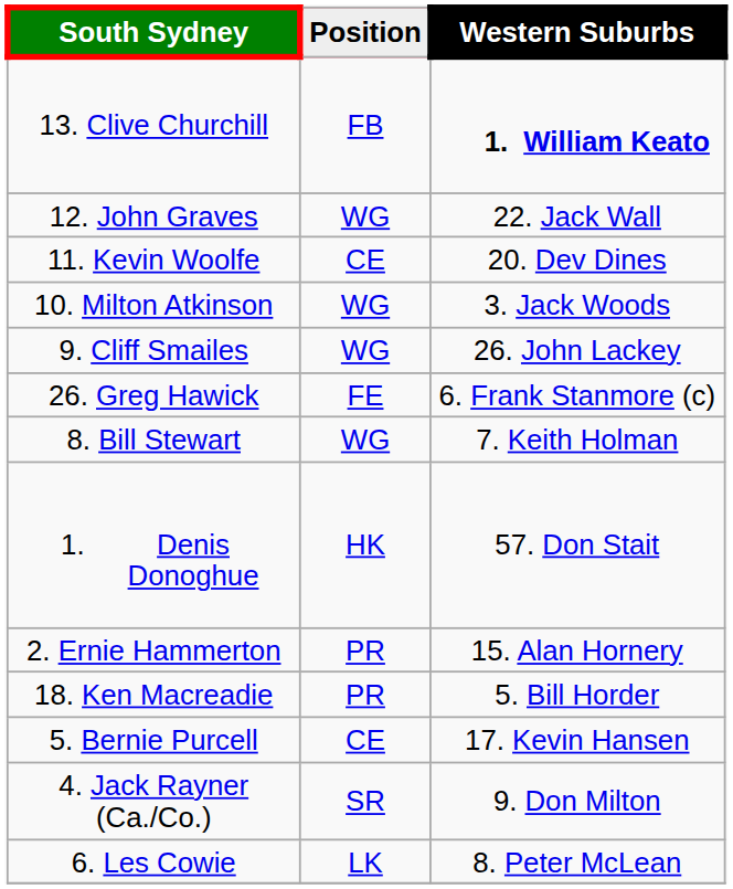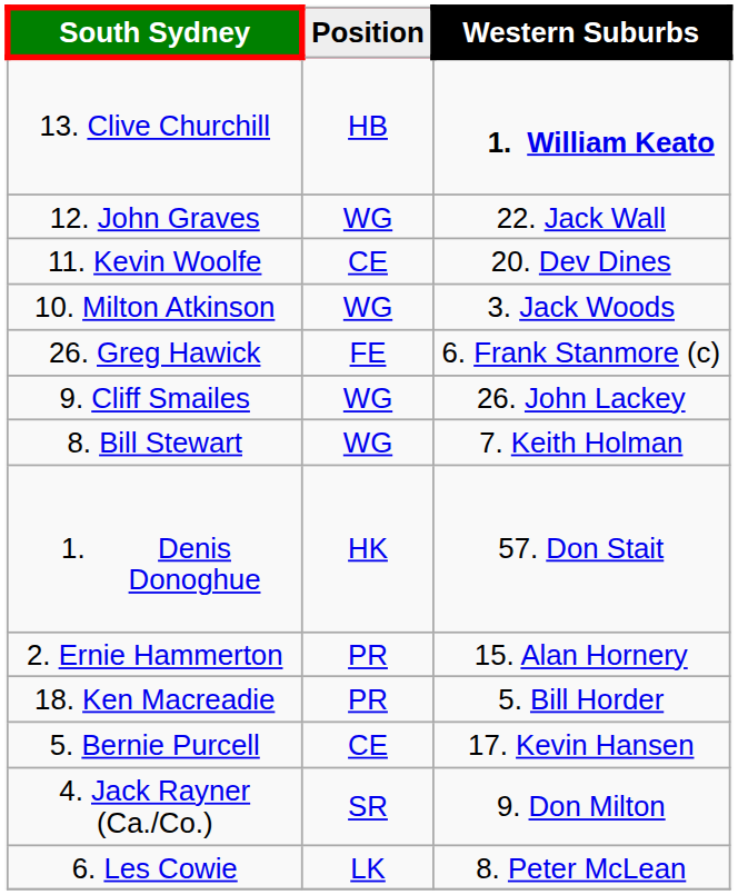 <table align="right" class="wikitable" style="font-size:90%; margin-left:1em">
 <tr bgcolor="#FF0033">
 <th style="width:140px; border:3px solid red; background: green; color: white">South Sydney</th>
 <th style="width:40px; text-align:center; background:#eee; color:black;">Position</th>
 <th style="width:140px; border:3px solid black; background: black; color: white">Western Suburbs</th>
 </tr>
 <tr align=center>
 <td>13. <a href='#'>Clive Churchill</a></td>
-<td><a href='#'>FB</a></td>
+<td><a href='#'>HB</a></td>
 <td><strong><br><ol><li><a href='#'>William Keato</a></li></ol></strong></td>
 </tr>
 <tr align=center>
 <td>12. <a href='#'>John Graves</a></td>
 <td><a href='#'>WG</a></td>
 <td>22. <a href='#'>Jack Wall</a></td>
 </tr>
 <tr align=center>
 <td>11. <a href='#'>Kevin Woolfe</a></td>
 <td><a href='#'>CE</a></td>
 <td>20. <a href='#'>Dev Dines</a></td>
 </tr>
 <tr align=center>
 <td>10. <a href='#'>Milton Atkinson</a></td>
 <td><a href='#'>WG</a></td>
 <td>3. <a href='#'>Jack Woods</a></td>
 </tr>
 <tr align=center>
+<td>26. <a href='#'>Greg Hawick</a></td>
+<td><a href='#'>FE</a></td>
+<td>6. <a href='#'>Frank Stanmore</a> (c)</td>
+</tr>
+<tr align=center>
 <td>9. <a href='#'>Cliff Smailes</a></td>
 <td><a href='#'>WG</a></td>
 <td>26. <a href='#'>John Lackey</a></td>
-</tr>
-<tr align=center>
-<td>26. <a href='#'>Greg Hawick</a></td>
-<td><a href='#'>FE</a></td>
-<td>6. <a href='#'>Frank Stanmore</a> (c)</td>
 </tr>
 <tr align=center>
 <td>8. <a href='#'>Bill Stewart</a></td>
 <td><a href='#'>WG</a></td>
 <td>7. <a href='#'>Keith Holman</a></td>
 </tr>
 <tr align=center>
 <td><br><ol><li><a href='#'>Denis Donoghue</a></li></ol></td>
 <td><a href='#'>HK</a></td>
 <td>57. <a href='#'>Don Stait</a></td>
 </tr>
 <tr align=center>
 <td>2. <a href='#'>Ernie Hammerton</a></td>
 <td><a href='#'>PR</a></td>
 <td>15. <a href='#'>Alan Hornery</a></td>
 </tr>
 <tr align=center>
 <td>18. <a href='#'>Ken Macreadie</a></td>
 <td><a href='#'>PR</a></td>
 <td>5. <a href='#'>Bill Horder</a></td>
 </tr>
 <tr align=center>
 <td>5. <a href='#'>Bernie Purcell</a></td>
 <td><a href='#'>CE</a></td>
 <td>17. <a href='#'>Kevin Hansen</a></td>
 </tr>
 <tr align=center>
 <td>4. <a href='#'>Jack Rayner</a> (Ca./Co.)</td>
 <td><a href='#'>SR</a></td>
 <td>9. <a href='#'>Don Milton</a></td>
 </tr>
 <tr align=center>
 <td>6. <a href='#'>Les Cowie</a></td>
 <td><a href='#'>LK</a></td>
 <td>8. <a href='#'>Peter McLean</a></td>
 </tr>
 <tr>
 </tr>
 </table>
